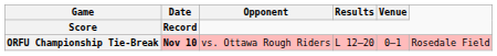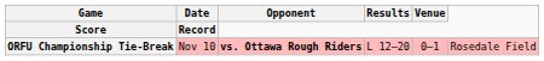 <table class="wikitable" style="text-align:center">
 <tr>
 <th>Game</th>
 <th>Date</th>
 <th>Opponent</th>
 <th>Results</th>
 <th>Venue</th>
 </tr>
 <tr>
 <th>Score</th>
 <th>Record</th>
 </tr>
 <tr style="background:#ffbbbb">
 <th>ORFU Championship Tie-Break</th>
-<td><strong>Nov 10</strong></td>
-<td>vs. Ottawa Rough Riders</td>
+<td>Nov 10</td>
+<td><strong>vs. Ottawa Rough Riders</strong></td>
 <td>L 12–20</td>
 <td>0–1</td>
 <td>Rosedale Field</td>
 </tr>
 </table>
